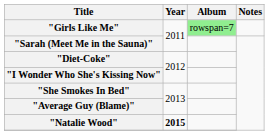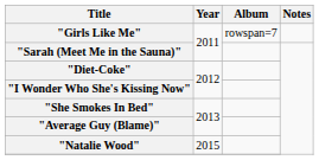 <table class="wikitable plainrowheaders" style="text-align:center;">
 <tr>
 <th scope="col">Title</th>
 <th scope="col">Year</th>
 <th scope="col">Album</th>
 <th scope="col">Notes</th>
 </tr>
 <tr>
 <th scope="row">"Girls Like Me"</th>
 <td rowspan=2>2011</td>
-<td style="background: lightgreen;">rowspan=7 </td>
+<td>rowspan=7 </td>
 <td></td>
 </tr>
 <tr>
 <th scope="row">"Sarah (Meet Me in the Sauna)"</th>
 <td></td>
 </tr>
 <tr>
 <th scope="row">"Diet-Coke"</th>
 <td rowspan=2>2012</td>
 <td></td>
 </tr>
 <tr>
 <th scope="row">"I Wonder Who She's Kissing Now"</th>
 <td></td>
 </tr>
 <tr>
 <th scope="row">"She Smokes In Bed"</th>
 <td rowspan=2>2013</td>
 <td></td>
 </tr>
 <tr>
 <th scope="row">"Average Guy (Blame)"<br></th>
 <td></td>
 </tr>
 <tr>
 <th scope="row">"Natalie Wood"</th>
-<td><strong>2015</strong></td>
+<td>2015</td>
 <td></td>
 </tr>
 <tr>
 </tr>
 </table>
